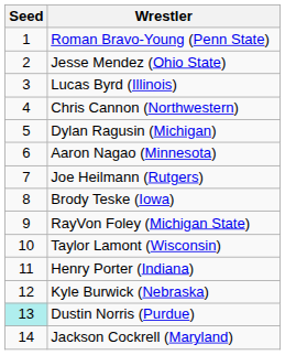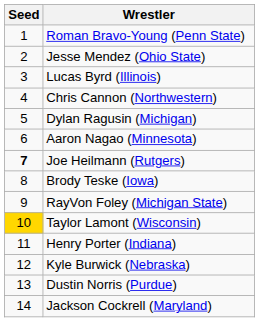 <table class="wikitable" style="text-align: center;">
 <tr>
 <th width="40">Seed</th>
 <th width="250">Wrestler</th>
 </tr>
 <tr>
 <td>1</td>
 <td align="left"><a href='#'>Roman Bravo-Young</a> (<a href='#'>Penn State</a>)</td>
 </tr>
 <tr>
 <td>2</td>
 <td align="left">Jesse Mendez (<a href='#'>Ohio State</a>)</td>
 </tr>
 <tr>
 <td>3</td>
 <td align="left">Lucas Byrd (<a href='#'>Illinois</a>)</td>
 </tr>
 <tr>
 <td>4</td>
 <td align="left">Chris Cannon (<a href='#'>Northwestern</a>)</td>
 </tr>
 <tr>
 <td>5</td>
 <td align="left">Dylan Ragusin (<a href='#'>Michigan</a>)</td>
 </tr>
 <tr>
 <td>6</td>
 <td align="left">Aaron Nagao (<a href='#'>Minnesota</a>)</td>
 </tr>
 <tr>
-<td>7</td>
+<td><strong>7</strong></td>
 <td align="left">Joe Heilmann (<a href='#'>Rutgers</a>)</td>
 </tr>
 <tr>
 <td>8</td>
 <td align="left">Brody Teske (<a href='#'>Iowa</a>)</td>
 </tr>
 <tr>
 <td>9</td>
 <td align="left">RayVon Foley (<a href='#'>Michigan State</a>)</td>
 </tr>
 <tr>
-<td>10</td>
+<td style="background: gold;">10</td>
 <td align="left">Taylor Lamont (<a href='#'>Wisconsin</a>)</td>
 </tr>
 <tr>
 <td>11</td>
 <td align="left">Henry Porter (<a href='#'>Indiana</a>)</td>
 </tr>
 <tr>
 <td>12</td>
 <td align="left">Kyle Burwick (<a href='#'>Nebraska</a>)</td>
 </tr>
 <tr>
-<td style="background: paleturquoise;">13</td>
+<td>13</td>
 <td align="left">Dustin Norris (<a href='#'>Purdue</a>)</td>
 </tr>
 <tr>
 <td>14</td>
 <td align="left">Jackson Cockrell (<a href='#'>Maryland</a>)</td>
 </tr>
 </table>
